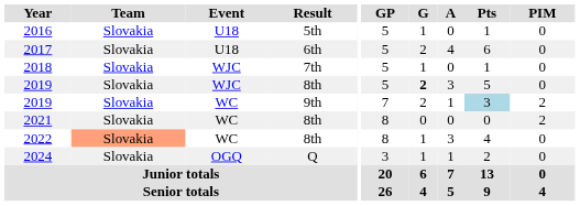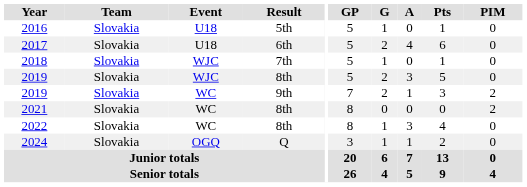 <table border="0" cellpadding="1" cellspacing="0" ID="Table3" style="text-align:center; width:40em">
 <tr ALIGN="center" bgcolor="#e0e0e0">
 <th>Year</th>
 <th>Team</th>
 <th>Event</th>
 <th>Result</th>
 <th rowspan="99" bgcolor="#ffffff"></th>
 <th>GP</th>
 <th>G</th>
 <th>A</th>
 <th>Pts</th>
 <th>PIM</th>
 </tr>
 <tr>
 <td><a href='#'>2016</a></td>
 <td><a href='#'>Slovakia</a></td>
 <td><a href='#'>U18</a></td>
 <td>5th</td>
 <td>5</td>
 <td>1</td>
 <td>0</td>
 <td>1</td>
 <td>0</td>
 </tr>
 <tr bgcolor="#f0f0f0">
 <td><a href='#'>2017</a></td>
 <td>Slovakia</td>
 <td>U18</td>
 <td>6th</td>
 <td>5</td>
 <td>2</td>
 <td>4</td>
 <td>6</td>
 <td>0</td>
 </tr>
 <tr>
 <td><a href='#'>2018</a></td>
 <td><a href='#'>Slovakia</a></td>
 <td><a href='#'>WJC</a></td>
 <td>7th</td>
 <td>5</td>
 <td>1</td>
 <td>0</td>
 <td>1</td>
 <td>0</td>
 </tr>
 <tr bgcolor="#f0f0f0">
 <td><a href='#'>2019</a></td>
 <td>Slovakia</td>
 <td><a href='#'>WJC</a></td>
 <td>8th</td>
 <td>5</td>
-<td><strong>2</strong></td>
+<td>2</td>
 <td>3</td>
 <td>5</td>
 <td>0</td>
 </tr>
 <tr>
 <td><a href='#'>2019</a></td>
 <td><a href='#'>Slovakia</a></td>
 <td><a href='#'>WC</a></td>
 <td>9th</td>
 <td>7</td>
 <td>2</td>
 <td>1</td>
-<td style="background: lightblue;">3</td>
+<td>3</td>
 <td>2</td>
 </tr>
 <tr bgcolor="#f0f0f0">
 <td><a href='#'>2021</a></td>
 <td>Slovakia</td>
 <td>WC</td>
 <td>8th</td>
 <td>8</td>
 <td>0</td>
 <td>0</td>
 <td>0</td>
 <td>2</td>
 </tr>
 <tr>
 <td><a href='#'>2022</a></td>
-<td style="background: lightsalmon;">Slovakia</td>
+<td>Slovakia</td>
 <td>WC</td>
 <td>8th</td>
 <td>8</td>
 <td>1</td>
 <td>3</td>
 <td>4</td>
 <td>0</td>
 </tr>
 <tr bgcolor="#f0f0f0">
 <td><a href='#'>2024</a></td>
 <td>Slovakia</td>
 <td><a href='#'>OGQ</a></td>
 <td>Q</td>
 <td>3</td>
 <td>1</td>
 <td>1</td>
 <td>2</td>
 <td>0</td>
 </tr>
 <tr bgcolor="#e0e0e0">
 <th colspan="4">Junior totals</th>
 <th>20</th>
 <th>6</th>
 <th>7</th>
 <th>13</th>
 <th>0</th>
 </tr>
 <tr bgcolor="#e0e0e0">
 <th colspan="4">Senior totals</th>
 <th>26</th>
 <th>4</th>
 <th>5</th>
 <th>9</th>
 <th>4</th>
 </tr>
 </table>
